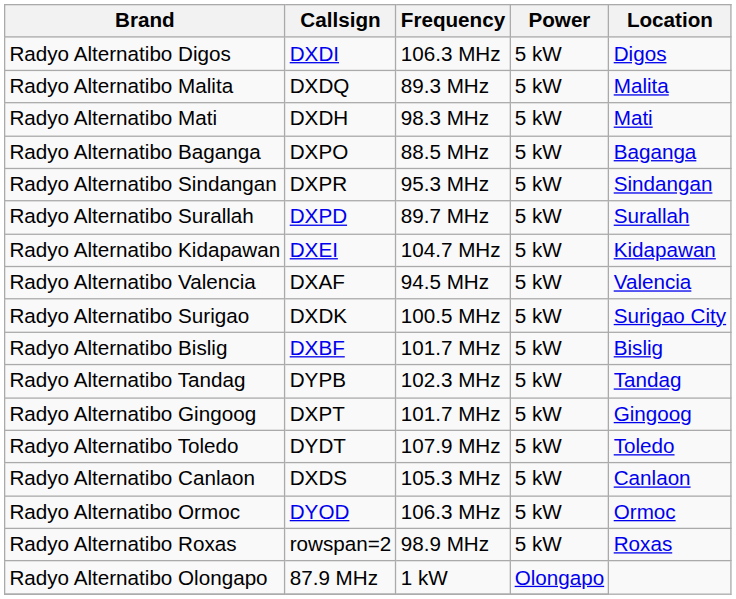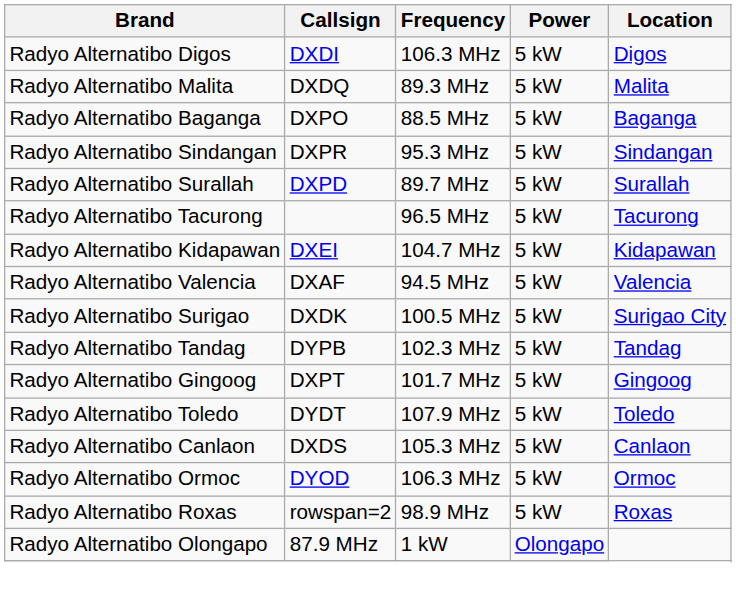 <table class="wikitable">
 <tr>
 <th>Brand</th>
 <th>Callsign</th>
 <th>Frequency</th>
 <th>Power</th>
 <th>Location</th>
 </tr>
 <tr>
 <td>Radyo Alternatibo Digos</td>
 <td><a href='#'>DXDI</a></td>
 <td>106.3 MHz</td>
 <td>5 kW</td>
 <td><a href='#'>Digos</a></td>
 </tr>
 <tr>
 <td>Radyo Alternatibo Malita</td>
 <td>DXDQ</td>
 <td>89.3 MHz</td>
 <td>5 kW</td>
 <td><a href='#'>Malita</a></td>
 </tr>
 <tr>
-<td>Radyo Alternatibo Mati</td>
-<td>DXDH</td>
-<td>98.3 MHz</td>
-<td>5 kW</td>
-<td><a href='#'>Mati</a></td>
-</tr>
-<tr>
 <td>Radyo Alternatibo Baganga</td>
 <td>DXPO</td>
 <td>88.5 MHz</td>
 <td>5 kW</td>
 <td><a href='#'>Baganga</a></td>
 </tr>
 <tr>
 <td>Radyo Alternatibo Sindangan</td>
 <td>DXPR</td>
 <td>95.3 MHz</td>
 <td>5 kW</td>
 <td><a href='#'>Sindangan</a></td>
 </tr>
 <tr>
 <td>Radyo Alternatibo Surallah</td>
 <td><a href='#'>DXPD</a></td>
 <td>89.7 MHz</td>
 <td>5 kW</td>
 <td><a href='#'>Surallah</a></td>
 </tr>
 <tr>
+<td>Radyo Alternatibo Tacurong</td>
+<td></td>
+<td>96.5 MHz</td>
+<td>5 kW</td>
+<td><a href='#'>Tacurong</a></td>
+</tr>
+<tr>
 <td>Radyo Alternatibo Kidapawan</td>
 <td><a href='#'>DXEI</a></td>
 <td>104.7 MHz</td>
 <td>5 kW</td>
 <td><a href='#'>Kidapawan</a></td>
 </tr>
 <tr>
 <td>Radyo Alternatibo Valencia</td>
 <td>DXAF</td>
 <td>94.5 MHz</td>
 <td>5 kW</td>
 <td><a href='#'>Valencia</a></td>
 </tr>
 <tr>
 <td>Radyo Alternatibo Surigao</td>
 <td>DXDK</td>
 <td>100.5 MHz</td>
 <td>5 kW</td>
 <td><a href='#'>Surigao City</a></td>
-</tr>
-<tr>
-<td>Radyo Alternatibo Bislig</td>
-<td><a href='#'>DXBF</a></td>
-<td>101.7 MHz</td>
-<td>5 kW</td>
-<td><a href='#'>Bislig</a></td>
 </tr>
 <tr>
 <td>Radyo Alternatibo Tandag</td>
 <td>DYPB</td>
 <td>102.3 MHz</td>
 <td>5 kW</td>
 <td><a href='#'>Tandag</a></td>
 </tr>
 <tr>
 <td>Radyo Alternatibo Gingoog</td>
 <td>DXPT</td>
 <td>101.7 MHz</td>
 <td>5 kW</td>
 <td><a href='#'>Gingoog</a></td>
 </tr>
 <tr>
 <td>Radyo Alternatibo Toledo</td>
 <td>DYDT</td>
 <td>107.9 MHz</td>
 <td>5 kW</td>
 <td><a href='#'>Toledo</a></td>
 </tr>
 <tr>
 <td>Radyo Alternatibo Canlaon</td>
 <td>DXDS</td>
 <td>105.3 MHz</td>
 <td>5 kW</td>
 <td><a href='#'>Canlaon</a></td>
 </tr>
 <tr>
 <td>Radyo Alternatibo Ormoc</td>
 <td><a href='#'>DYOD</a></td>
 <td>106.3 MHz</td>
 <td>5 kW</td>
 <td><a href='#'>Ormoc</a></td>
 </tr>
 <tr>
 <td>Radyo Alternatibo Roxas</td>
 <td>rowspan=2<em></em></td>
 <td>98.9 MHz</td>
 <td>5 kW</td>
 <td><a href='#'>Roxas</a></td>
 </tr>
 <tr>
 <td>Radyo Alternatibo Olongapo</td>
 <td>87.9 MHz</td>
 <td>1 kW</td>
 <td><a href='#'>Olongapo</a></td>
 </tr>
 <tr>
 </tr>
 </table>
